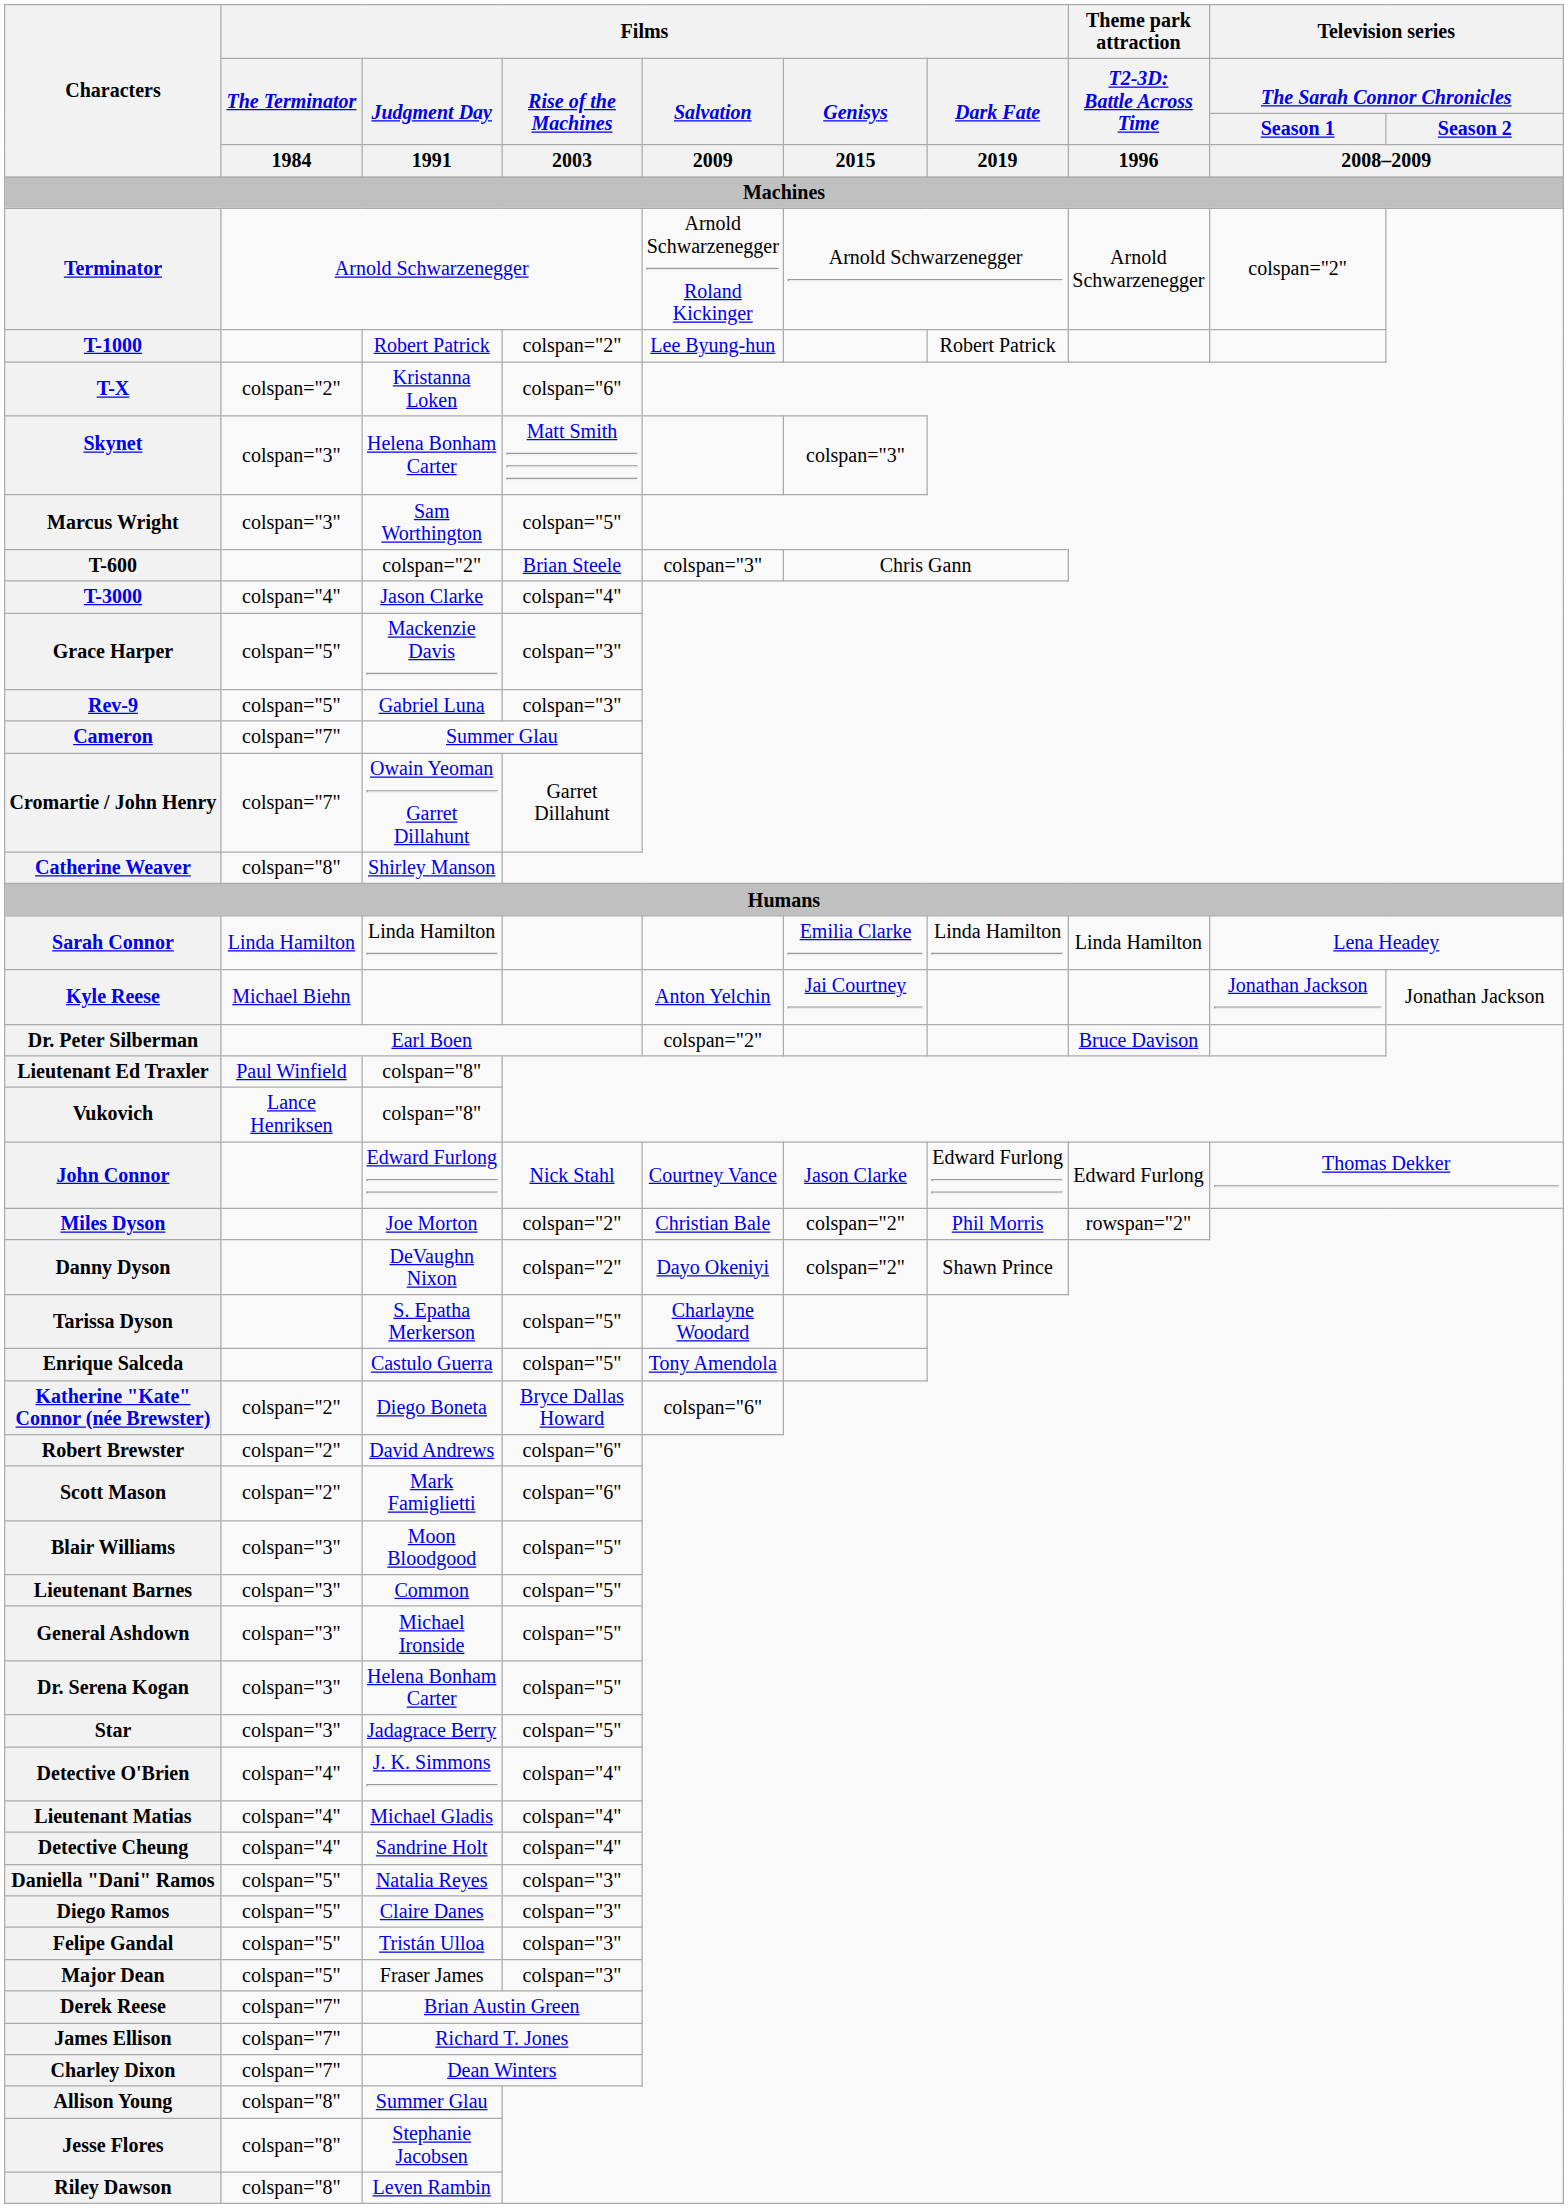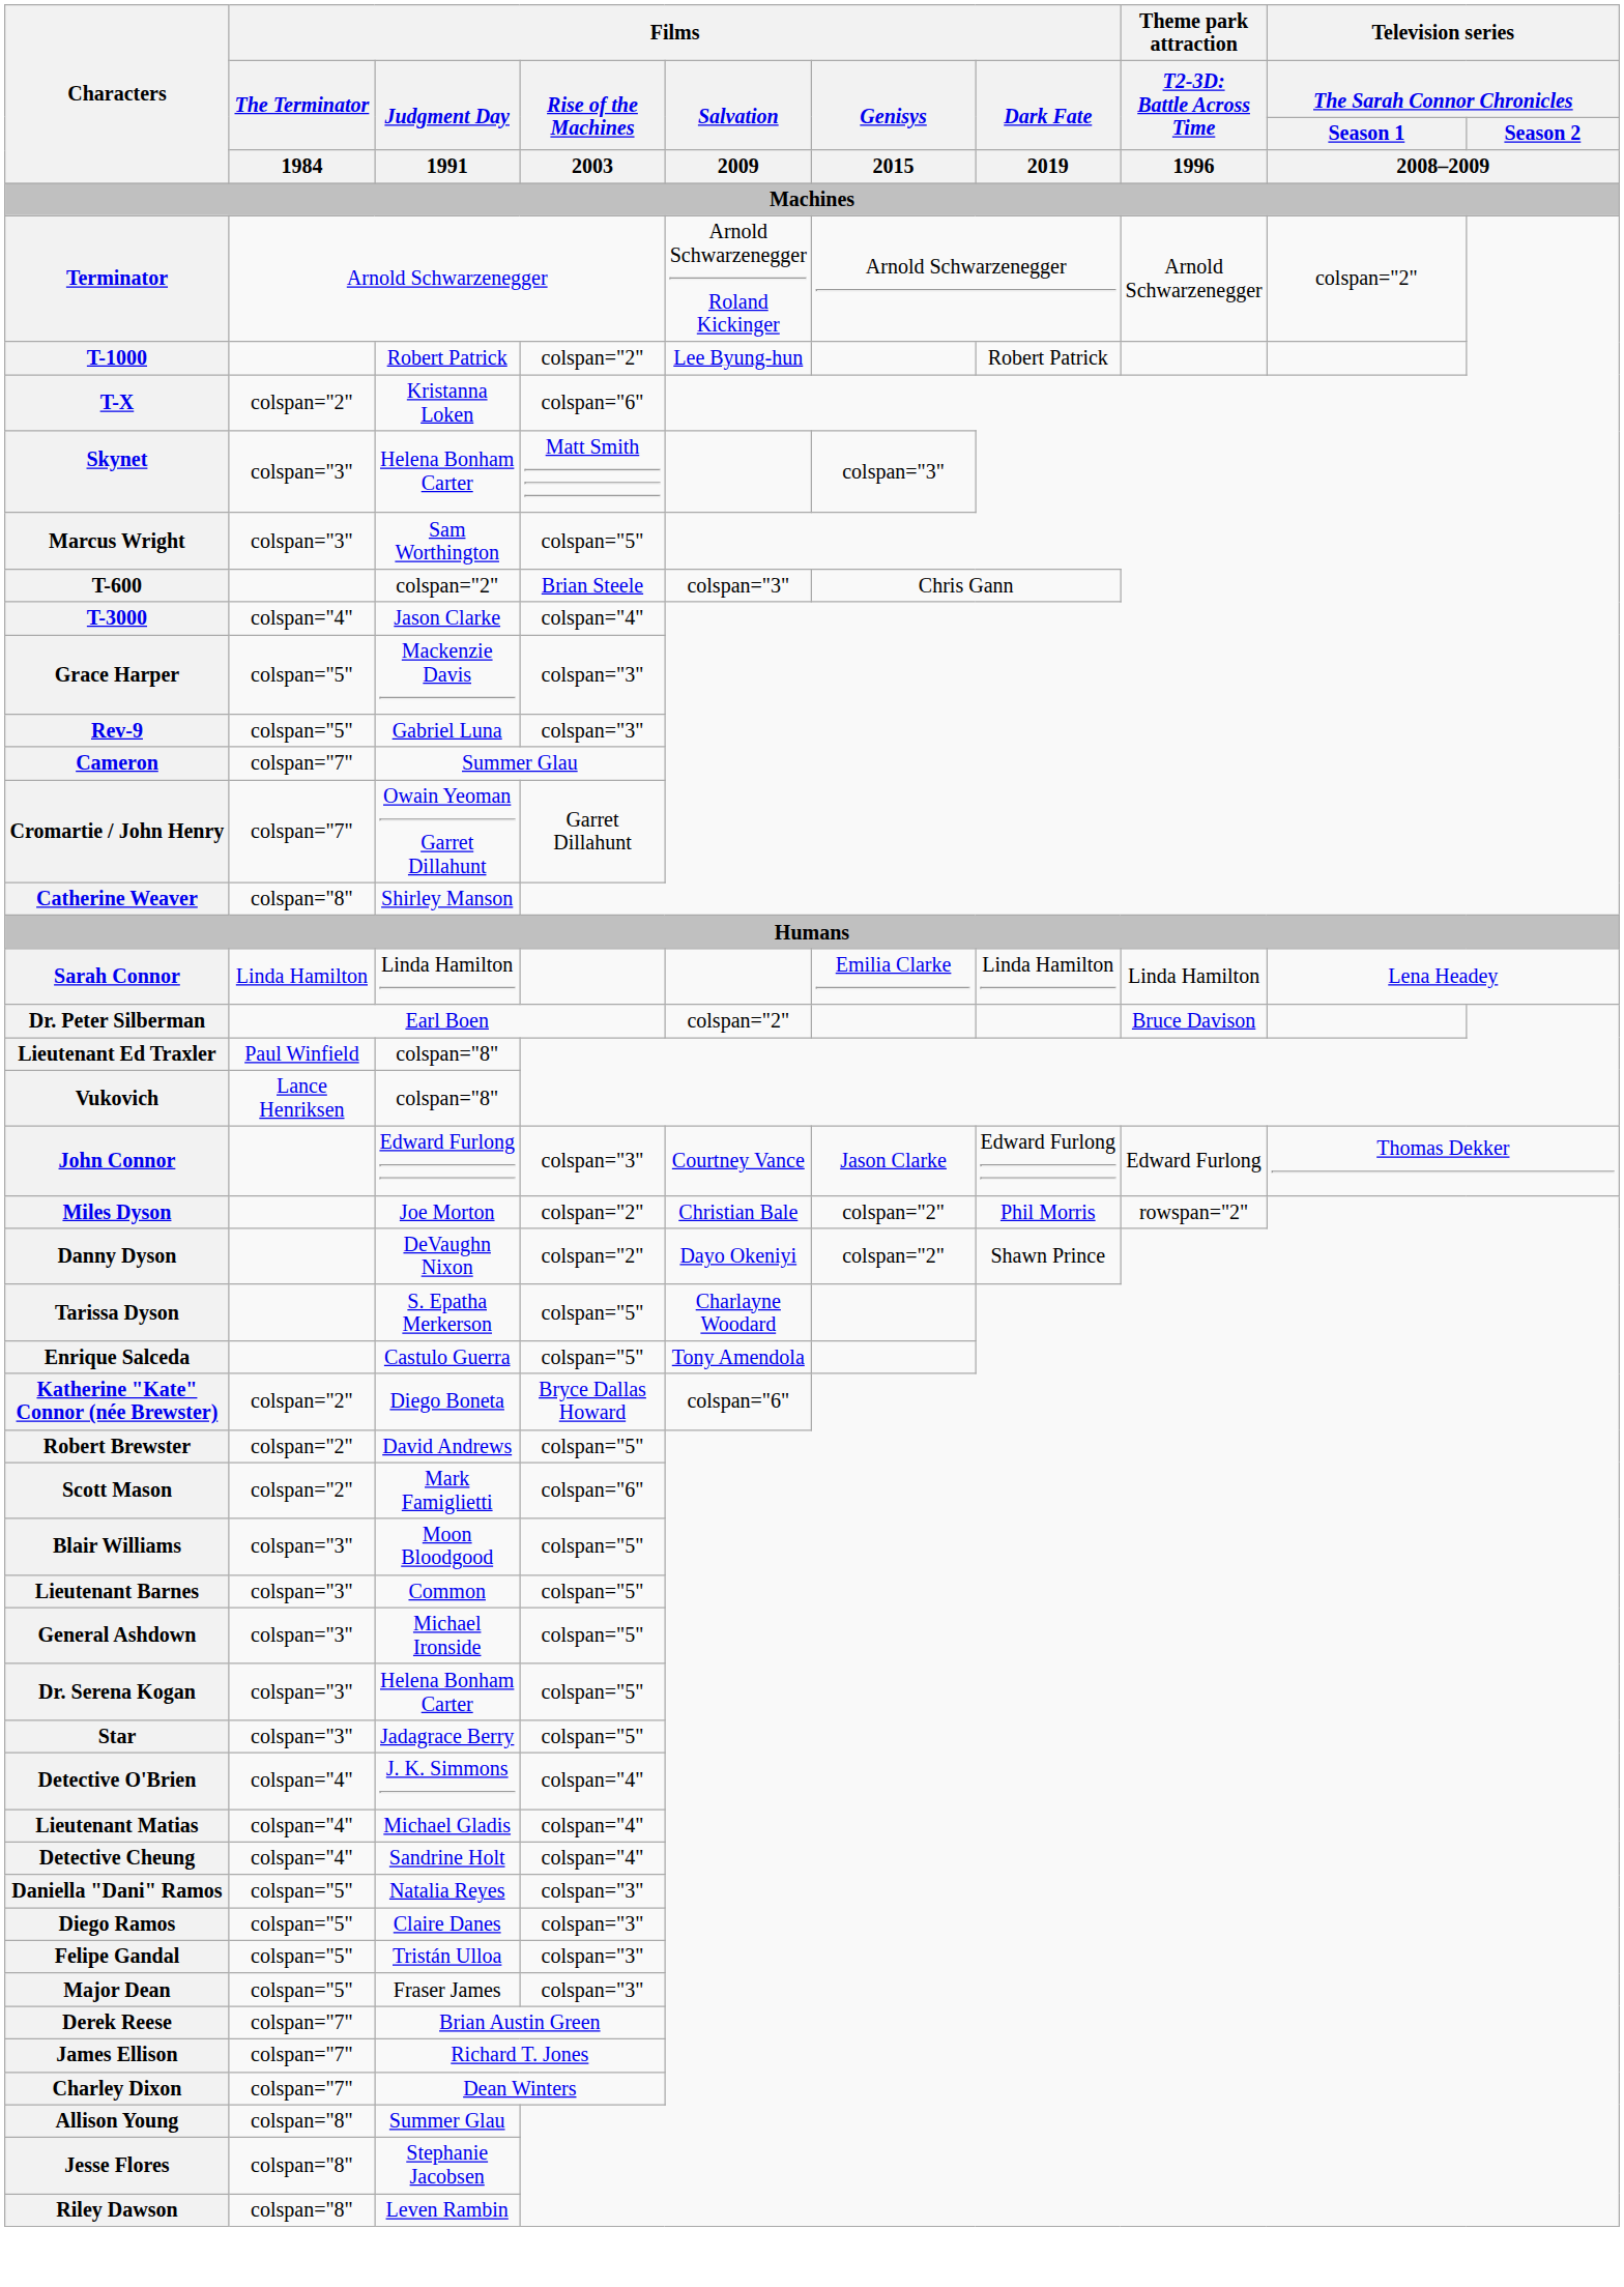 <table class="wikitable" style="text-align:center;">
 <tr>
 <th rowspan="4" style="width:13.9%;">Characters</th>
 <th colspan="6">Films</th>
 <th>Theme park attraction</th>
 <th colspan="2">Television series</th>
 </tr>
 <tr>
 <th rowspan="2" style="width:9%;"><em><a href='#'>The Terminator</a></em></th>
 <th rowspan="2" style="width:9%;"><em><a href='#'><br>Judgment Day</a></em></th>
 <th rowspan="2" style="width:9%;"><em><a href='#'><br>Rise of the Machines</a></em></th>
 <th rowspan="2" style="width:9%;"><em><a href='#'><br>Salvation</a></em></th>
 <th rowspan="2"><em><a href='#'><br>Genisys</a></em></th>
 <th rowspan="2" style="width:9%;"><em><a href='#'><br>Dark Fate</a></em></th>
 <th rowspan="2" style="width:9%;"><em><a href='#'>T2-3D:<br>Battle Across Time</a></em></th>
 <th colspan="2"><em><a href='#'><br>The Sarah Connor Chronicles</a></em></th>
 </tr>
 <tr>
 <th><a href='#'>Season 1</a></th>
 <th><a href='#'>Season 2</a></th>
 </tr>
 <tr>
 <th>1984</th>
 <th>1991</th>
 <th>2003</th>
 <th>2009</th>
 <th>2015</th>
 <th>2019</th>
 <th>1996</th>
 <th colspan="2">2008–2009</th>
 </tr>
 <tr>
 <th colspan="10" style="background-color:silver;"><strong>Machines</strong></th>
 </tr>
 <tr>
 <th><a href='#'>Terminator<br></a></th>
 <td colspan="3"><a href='#'>Arnold Schwarzenegger</a></td>
 <td>Arnold Schwarzenegger<hr><a href='#'>Roland Kickinger</a></td>
 <td colspan="2">Arnold Schwarzenegger<hr></td>
 <td>Arnold Schwarzenegger</td>
 <td>colspan="2" </td>
 </tr>
 <tr>
 <th><a href='#'>T-1000</a></th>
 <td></td>
 <td><a href='#'>Robert Patrick</a></td>
 <td>colspan="2" </td>
 <td><a href='#'>Lee Byung-hun</a></td>
 <td></td>
 <td>Robert Patrick</td>
 <td></td>
 <td></td>
 </tr>
 <tr>
 <th><a href='#'>T-X</a></th>
 <td>colspan="2" </td>
 <td><a href='#'>Kristanna Loken</a></td>
 <td>colspan="6" </td>
 </tr>
 <tr>
 <th><a href='#'>Skynet<br><br></a></th>
 <td>colspan="3" </td>
 <td><a href='#'>Helena Bonham Carter</a></td>
 <td><a href='#'>Matt Smith</a><hr><hr><hr></td>
 <td></td>
 <td>colspan="3" </td>
 </tr>
 <tr>
 <th>Marcus Wright<br></th>
 <td>colspan="3" </td>
 <td><a href='#'>Sam Worthington</a></td>
 <td>colspan="5" </td>
 </tr>
 <tr>
 <th>T-600</th>
 <td></td>
 <td>colspan="2" </td>
 <td><a href='#'>Brian Steele</a></td>
 <td>colspan="3" </td>
 <td colspan="2">Chris Gann</td>
 </tr>
 <tr>
 <th><a href='#'>T-3000</a></th>
 <td>colspan="4" </td>
 <td><a href='#'>Jason Clarke</a></td>
 <td>colspan="4" </td>
 </tr>
 <tr>
 <th>Grace Harper<br></th>
 <td>colspan="5" </td>
 <td><a href='#'>Mackenzie Davis</a><hr></td>
 <td>colspan="3" </td>
 </tr>
 <tr>
 <th><a href='#'>Rev-9</a></th>
 <td>colspan="5" </td>
 <td><a href='#'>Gabriel Luna</a></td>
 <td>colspan="3" </td>
 </tr>
 <tr>
 <th><a href='#'>Cameron</a></th>
 <td>colspan="7" </td>
 <td colspan="2"><a href='#'>Summer Glau</a></td>
 </tr>
 <tr>
 <th>Cromartie / John Henry<br></th>
 <td>colspan="7" </td>
 <td><a href='#'>Owain Yeoman</a><hr><a href='#'>Garret Dillahunt</a></td>
 <td>Garret Dillahunt</td>
 </tr>
 <tr>
 <th><a href='#'>Catherine Weaver<br></a></th>
 <td>colspan="8" </td>
 <td><a href='#'>Shirley Manson</a></td>
 </tr>
 <tr>
 <th colspan="10" style="background-color:silver;"><strong>Humans</strong></th>
 </tr>
 <tr>
 <th><a href='#'>Sarah Connor</a></th>
 <td><a href='#'>Linda Hamilton</a></td>
 <td>Linda Hamilton<hr></td>
 <td></td>
 <td></td>
 <td><a href='#'>Emilia Clarke</a><hr></td>
 <td>Linda Hamilton<hr></td>
 <td>Linda Hamilton</td>
 <td colspan="2"><a href='#'>Lena Headey</a></td>
 </tr>
 <tr>
-<th><a href='#'>Kyle Reese</a></th>
-<td><a href='#'>Michael Biehn</a></td>
-<td></td>
-<td></td>
-<td><a href='#'>Anton Yelchin</a></td>
-<td><a href='#'>Jai Courtney</a><hr></td>
-<td></td>
-<td></td>
-<td><a href='#'>Jonathan Jackson</a><hr></td>
-<td>Jonathan Jackson</td>
-</tr>
-<tr>
 <th>Dr. Peter Silberman</th>
 <td colspan="3"><a href='#'>Earl Boen</a></td>
 <td>colspan="2" </td>
 <td></td>
 <td></td>
 <td><a href='#'>Bruce Davison</a></td>
 <td></td>
 </tr>
 <tr>
 <th>Lieutenant Ed Traxler</th>
 <td><a href='#'>Paul Winfield</a></td>
 <td>colspan="8" </td>
 </tr>
 <tr>
 <th>Vukovich</th>
 <td><a href='#'>Lance Henriksen</a></td>
 <td>colspan="8" </td>
 </tr>
 <tr>
 <th><a href='#'>John Connor</a></th>
 <td></td>
 <td><a href='#'>Edward Furlong</a><hr><hr></td>
-<td><a href='#'>Nick Stahl</a></td>
+<td>colspan="3" </td>
 <td><a href='#'>Courtney Vance</a></td>
 <td><a href='#'>Jason Clarke</a></td>
 <td>Edward Furlong<hr><hr></td>
 <td>Edward Furlong</td>
 <td colspan="2"><a href='#'>Thomas Dekker</a><hr></td>
 </tr>
 <tr>
 <th><a href='#'>Miles Dyson</a></th>
 <td></td>
 <td><a href='#'>Joe Morton</a></td>
 <td>colspan="2" </td>
 <td><a href='#'>Christian Bale</a></td>
 <td>colspan="2" </td>
 <td><a href='#'>Phil Morris</a></td>
 <td>rowspan="2" </td>
 </tr>
 <tr>
 <th>Danny Dyson</th>
 <td></td>
 <td><a href='#'>DeVaughn Nixon</a></td>
 <td>colspan="2" </td>
 <td><a href='#'>Dayo Okeniyi</a></td>
 <td>colspan="2" </td>
 <td>Shawn Prince</td>
 </tr>
 <tr>
 <th>Tarissa Dyson</th>
 <td></td>
 <td><a href='#'>S. Epatha Merkerson</a></td>
 <td>colspan="5" </td>
 <td><a href='#'>Charlayne Woodard</a></td>
 <td></td>
 </tr>
 <tr>
 <th>Enrique Salceda</th>
 <td></td>
 <td><a href='#'>Castulo Guerra</a></td>
 <td>colspan="5" </td>
 <td><a href='#'>Tony Amendola</a></td>
 <td></td>
 </tr>
 <tr>
 <th><a href='#'>Katherine "Kate" Connor (née Brewster)</a></th>
 <td>colspan="2" </td>
 <td><a href='#'>Diego Boneta</a></td>
 <td><a href='#'>Bryce Dallas Howard</a></td>
 <td>colspan="6" </td>
 </tr>
 <tr>
 <th>Robert Brewster</th>
 <td>colspan="2" </td>
 <td><a href='#'>David Andrews</a></td>
-<td>colspan="6" </td>
+<td>colspan="5" </td>
 </tr>
 <tr>
 <th>Scott Mason</th>
 <td>colspan="2" </td>
 <td><a href='#'>Mark Famiglietti</a></td>
 <td>colspan="6" </td>
 </tr>
 <tr>
 <th>Blair Williams</th>
 <td>colspan="3" </td>
 <td><a href='#'>Moon Bloodgood</a></td>
 <td>colspan="5" </td>
 </tr>
 <tr>
 <th>Lieutenant Barnes</th>
 <td>colspan="3" </td>
 <td><a href='#'>Common</a></td>
 <td>colspan="5" </td>
 </tr>
 <tr>
 <th>General Ashdown</th>
 <td>colspan="3" </td>
 <td><a href='#'>Michael Ironside</a></td>
 <td>colspan="5" </td>
 </tr>
 <tr>
 <th>Dr. Serena Kogan</th>
 <td>colspan="3" </td>
 <td><a href='#'>Helena Bonham Carter</a></td>
 <td>colspan="5" </td>
 </tr>
 <tr>
 <th>Star</th>
 <td>colspan="3" </td>
 <td><a href='#'>Jadagrace Berry</a></td>
 <td>colspan="5" </td>
 </tr>
 <tr>
 <th>Detective O'Brien</th>
 <td>colspan="4" </td>
 <td><a href='#'>J. K. Simmons</a><hr></td>
 <td>colspan="4" </td>
 </tr>
 <tr>
 <th>Lieutenant Matias</th>
 <td>colspan="4" </td>
 <td><a href='#'>Michael Gladis</a></td>
 <td>colspan="4" </td>
 </tr>
 <tr>
 <th>Detective Cheung</th>
 <td>colspan="4" </td>
 <td><a href='#'>Sandrine Holt</a></td>
 <td>colspan="4" </td>
 </tr>
 <tr>
 <th>Daniella "Dani" Ramos</th>
 <td>colspan="5" </td>
 <td><a href='#'>Natalia Reyes</a></td>
 <td>colspan="3" </td>
 </tr>
 <tr>
 <th>Diego Ramos</th>
 <td>colspan="5" </td>
 <td><a href='#'>Claire Danes</a></td>
 <td>colspan="3" </td>
 </tr>
 <tr>
 <th>Felipe Gandal</th>
 <td>colspan="5" </td>
 <td><a href='#'>Tristán Ulloa</a></td>
 <td>colspan="3" </td>
 </tr>
 <tr>
 <th>Major Dean</th>
 <td>colspan="5" </td>
 <td>Fraser James</td>
 <td>colspan="3" </td>
 </tr>
 <tr>
 <th>Derek Reese</th>
 <td>colspan="7" </td>
 <td colspan="2"><a href='#'>Brian Austin Green</a></td>
 </tr>
 <tr>
 <th>James Ellison</th>
 <td>colspan="7" </td>
 <td colspan="2"><a href='#'>Richard T. Jones</a></td>
 </tr>
 <tr>
 <th>Charley Dixon</th>
 <td>colspan="7" </td>
 <td colspan="2"><a href='#'>Dean Winters</a></td>
 </tr>
 <tr>
 <th>Allison Young</th>
 <td>colspan="8" </td>
 <td><a href='#'>Summer Glau</a></td>
 </tr>
 <tr>
 <th>Jesse Flores</th>
 <td>colspan="8" </td>
 <td><a href='#'>Stephanie Jacobsen</a></td>
 </tr>
 <tr>
 <th>Riley Dawson</th>
 <td>colspan="8" </td>
 <td><a href='#'>Leven Rambin</a></td>
 </tr>
 </table>
